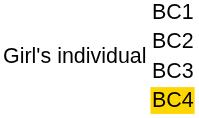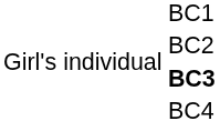 <table>
 <tr>
 <td rowspan=4>Girl's individual</td>
 <td>BC1</td>
 <td></td>
 <td></td>
 <td></td>
 </tr>
 <tr>
 <td>BC2</td>
 <td></td>
 <td></td>
 <td></td>
 </tr>
 <tr>
-<td>BC3</td>
+<td><strong>BC3</strong></td>
 <td></td>
 <td></td>
 <td></td>
 </tr>
 <tr>
-<td style="background: gold;">BC4</td>
+<td>BC4</td>
 <td></td>
 <td></td>
 <td></td>
 </tr>
 </table>
